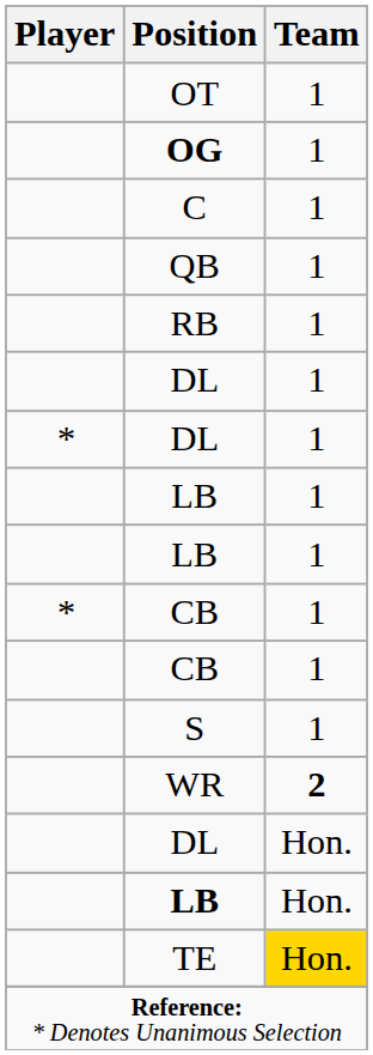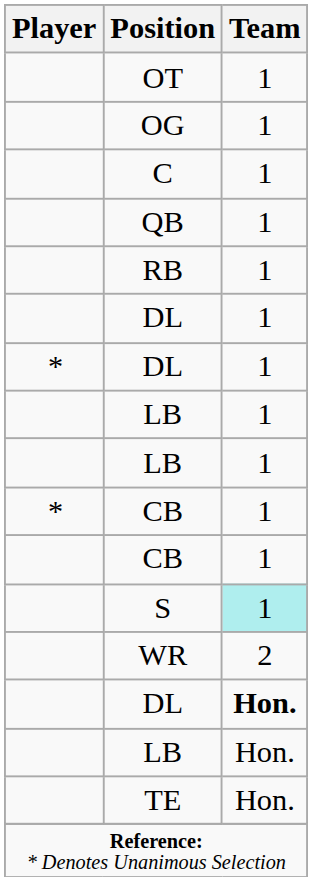 <table class="wikitable sortable sortable" style="text-align: center">
 <tr align=center>
 <th>Player</th>
 <th>Position</th>
 <th>Team</th>
 </tr>
 <tr>
 <td></td>
 <td>OT</td>
 <td>1</td>
 </tr>
 <tr>
 <td></td>
-<td><strong>OG</strong></td>
+<td>OG</td>
 <td>1</td>
 </tr>
 <tr>
 <td></td>
 <td>C</td>
 <td>1</td>
 </tr>
 <tr>
 <td></td>
 <td>QB</td>
 <td>1</td>
 </tr>
 <tr>
 <td></td>
 <td>RB</td>
 <td>1</td>
 </tr>
 <tr>
 <td></td>
 <td>DL</td>
 <td>1</td>
 </tr>
 <tr>
 <td><em>*</em></td>
 <td>DL</td>
 <td>1</td>
 </tr>
 <tr>
 <td></td>
 <td>LB</td>
 <td>1</td>
 </tr>
 <tr>
 <td></td>
 <td>LB</td>
 <td>1</td>
 </tr>
 <tr>
 <td><em>*</em></td>
 <td>CB</td>
 <td>1</td>
 </tr>
 <tr>
 <td></td>
 <td>CB</td>
 <td>1</td>
 </tr>
 <tr>
 <td></td>
 <td>S</td>
-<td>1</td>
+<td style="background: paleturquoise;">1</td>
 </tr>
 <tr>
 <td></td>
 <td>WR</td>
-<td><strong>2</strong></td>
+<td>2</td>
 </tr>
 <tr>
 <td></td>
 <td>DL</td>
-<td data-sort-value="4">Hon.</td>
+<td data-sort-value="4"><strong>Hon.</strong></td>
 </tr>
 <tr>
 <td></td>
-<td><strong>LB</strong></td>
+<td>LB</td>
 <td data-sort-value="4">Hon.</td>
 </tr>
 <tr>
 <td></td>
 <td>TE</td>
-<td data-sort-value="4" style="background: gold;">Hon.</td>
+<td data-sort-value="4">Hon.</td>
 </tr>
 <tr>
 </tr>
 <tr class="sortbottom">
 <td colspan="4"  style="font-size:8pt; text-align:center;"><strong>Reference:</strong> <br> <em>* Denotes Unanimous Selection</em></td>
 </tr>
 </table>
